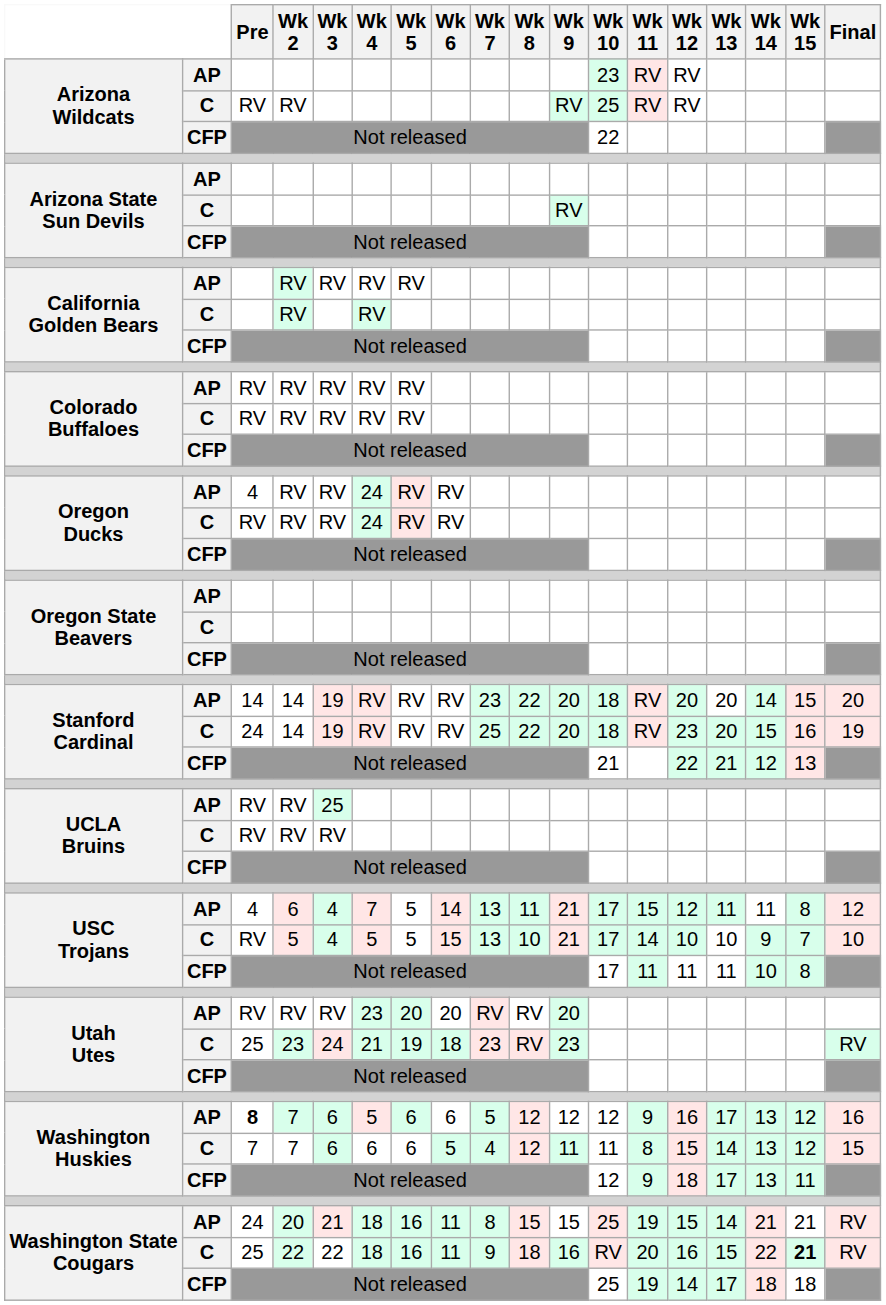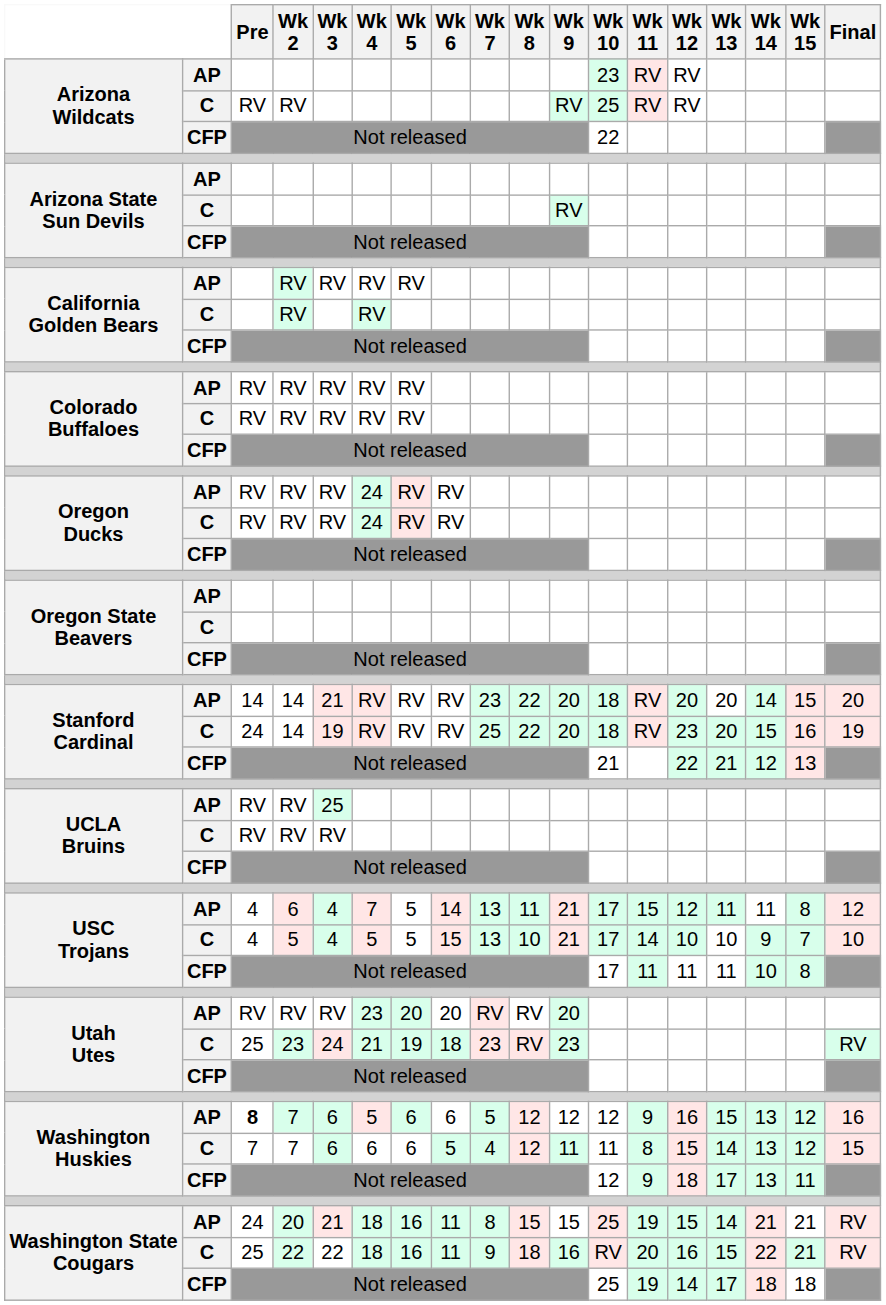 <table class="wikitable" style="white-space:nowrap;font-size:90%;">
 <tr>
 <th colspan=2 style="background:white; border-top-style:hidden; border-left-style:hidden;"> </th>
 <th>Pre</th>
 <th>Wk<br>2</th>
 <th>Wk<br>3</th>
 <th>Wk<br>4</th>
 <th>Wk<br>5</th>
 <th>Wk<br>6</th>
 <th>Wk<br>7</th>
 <th>Wk<br>8</th>
 <th>Wk<br>9</th>
 <th>Wk<br>10</th>
 <th>Wk<br>11</th>
 <th>Wk<br>12</th>
 <th>Wk<br>13</th>
 <th>Wk<br>14</th>
 <th>Wk<br>15</th>
 <th>Final</th>
 </tr>
 <tr style="text-align:center;">
 <th rowspan=3>Arizona<br>Wildcats</th>
 <th>AP</th>
 <td style="background:#FFF;"></td>
 <td style="background:#FFF;"></td>
 <td style="background:#FFF;"></td>
 <td style="background:#FFF;"></td>
 <td style="background:#FFF;"></td>
 <td style="background:#FFF;"></td>
 <td style="background:#FFF;"></td>
 <td style="background:#FFF;"></td>
 <td style="background:#FFF;"></td>
 <td style="background:#D8FFEB;">23</td>
 <td style="background:#FFE6E6;">RV</td>
 <td style="background:#FFF;">RV</td>
 <td style="background:#FFF;"></td>
 <td style="background:#FFF;"></td>
 <td style="background:#FFF;"></td>
 <td style="background:#FFF;"></td>
 </tr>
 <tr style="text-align:center;">
 <th>C</th>
 <td style="background:#FFF;">RV</td>
 <td style="background:#FFF;">RV</td>
 <td style="background:#FFF;"></td>
 <td style="background:#FFF;"></td>
 <td style="background:#FFF;"></td>
 <td style="background:#FFF;"></td>
 <td style="background:#FFF;"></td>
 <td style="background:#FFF;"></td>
 <td style="background:#D8FFEB;">RV</td>
 <td style="background:#D8FFEB;">25</td>
 <td style="background:#FFE6E6;">RV</td>
 <td style="background:#FFF;">RV</td>
 <td style="background:#FFF;"></td>
 <td style="background:#FFF;"></td>
 <td style="background:#FFF;"></td>
 <td style="background:#FFF;"></td>
 </tr>
 <tr style="text-align:center;">
 <th>CFP</th>
 <td colspan="9" style="background:#999;">Not released</td>
 <td style="background:#FFF;">22</td>
 <td style="background:#FFF;"></td>
 <td style="background:#FFF;"></td>
 <td style="background:#FFF;"></td>
 <td style="background:#FFF;"></td>
 <td style="background:#FFF;"></td>
 <td style="background:#999;"></td>
 </tr>
 <tr>
 <th colspan="19" style="background:lightgrey;"></th>
 </tr>
 <tr style="text-align:center;">
 <th rowspan=3>Arizona State<br>Sun Devils</th>
 <th>AP</th>
 <td style="background:#FFF;"></td>
 <td style="background:#FFF;"></td>
 <td style="background:#FFF;"></td>
 <td style="background:#FFF;"></td>
 <td style="background:#FFF;"></td>
 <td style="background:#FFF;"></td>
 <td style="background:#FFF;"></td>
 <td style="background:#FFF;"></td>
 <td style="background:#FFF;"></td>
 <td style="background:#FFF;"></td>
 <td style="background:#FFF;"></td>
 <td style="background:#FFF;"></td>
 <td style="background:#FFF;"></td>
 <td style="background:#FFF;"></td>
 <td style="background:#FFF;"></td>
 <td style="background:#FFF;"></td>
 </tr>
 <tr style="text-align:center;">
 <th>C</th>
 <td style="background:#FFF;"></td>
 <td style="background:#FFF;"></td>
 <td style="background:#FFF;"></td>
 <td style="background:#FFF;"></td>
 <td style="background:#FFF;"></td>
 <td style="background:#FFF;"></td>
 <td style="background:#FFF;"></td>
 <td style="background:#FFF;"></td>
 <td style="background:#D8FFEB;">RV</td>
 <td style="background:#FFF;"></td>
 <td style="background:#FFF;"></td>
 <td style="background:#FFF;"></td>
 <td style="background:#FFF;"></td>
 <td style="background:#FFF;"></td>
 <td style="background:#FFF;"></td>
 <td style="background:#FFF;"></td>
 </tr>
 <tr style="text-align:center;">
 <th>CFP</th>
 <td colspan="9" style="background:#999;">Not released</td>
 <td style="background:#FFF;"></td>
 <td style="background:#FFF;"></td>
 <td style="background:#FFF;"></td>
 <td style="background:#FFF;"></td>
 <td style="background:#FFF;"></td>
 <td style="background:#FFF;"></td>
 <td style="background:#999;"></td>
 </tr>
 <tr>
 <th colspan="19" style="background:lightgrey;"></th>
 </tr>
 <tr style="text-align:center;">
 <th rowspan=3>California<br>Golden Bears</th>
 <th>AP</th>
 <td style="background:#FFF;"></td>
 <td style="background:#D8FFEB;">RV</td>
 <td style="background:#FFF;">RV</td>
 <td style="background:#FFF;">RV</td>
 <td style="background:#FFF;">RV</td>
 <td style="background:#FFF;"></td>
 <td style="background:#FFF;"></td>
 <td style="background:#FFF;"></td>
 <td style="background:#FFF;"></td>
 <td style="background:#FFF;"></td>
 <td style="background:#FFF;"></td>
 <td style="background:#FFF;"></td>
 <td style="background:#FFF;"></td>
 <td style="background:#FFF;"></td>
 <td style="background:#FFF;"></td>
 <td style="background:#FFF;"></td>
 </tr>
 <tr style="text-align:center;">
 <th>C</th>
 <td style="background:#FFF;"></td>
 <td style="background:#D8FFEB;">RV</td>
 <td style="background:#FFF;"></td>
 <td style="background:#D8FFEB;">RV</td>
 <td style="background:#FFF;"></td>
 <td style="background:#FFF;"></td>
 <td style="background:#FFF;"></td>
 <td style="background:#FFF;"></td>
 <td style="background:#FFF;"></td>
 <td style="background:#FFF;"></td>
 <td style="background:#FFF;"></td>
 <td style="background:#FFF;"></td>
 <td style="background:#FFF;"></td>
 <td style="background:#FFF;"></td>
 <td style="background:#FFF;"></td>
 <td style="background:#FFF;"></td>
 </tr>
 <tr style="text-align:center;">
 <th>CFP</th>
 <td colspan="9" style="background:#999;">Not released</td>
 <td style="background:#FFF;"></td>
 <td style="background:#FFF;"></td>
 <td style="background:#FFF;"></td>
 <td style="background:#FFF;"></td>
 <td style="background:#FFF;"></td>
 <td style="background:#FFF;"></td>
 <td style="background:#999;"></td>
 </tr>
 <tr>
 <th colspan="19" style="background:lightgrey;"></th>
 </tr>
 <tr style="text-align:center;">
 <th rowspan=3>Colorado<br>Buffaloes</th>
 <th>AP</th>
 <td style="background:#FFF;">RV</td>
 <td style="background:#FFF;">RV</td>
 <td style="background:#FFF;">RV</td>
 <td style="background:#FFF;">RV</td>
 <td style="background:#FFF;">RV</td>
 <td style="background:#FFF;"></td>
 <td style="background:#FFF;"></td>
 <td style="background:#FFF;"></td>
 <td style="background:#FFF;"></td>
 <td style="background:#FFF;"></td>
 <td style="background:#FFF;"></td>
 <td style="background:#FFF;"></td>
 <td style="background:#FFF;"></td>
 <td style="background:#FFF;"></td>
 <td style="background:#FFF;"></td>
 <td style="background:#FFF;"></td>
 </tr>
 <tr style="text-align:center;">
 <th>C</th>
 <td style="background:#FFF;">RV</td>
 <td style="background:#FFF;">RV</td>
 <td style="background:#FFF;">RV</td>
 <td style="background:#FFF;">RV</td>
 <td style="background:#FFF;">RV</td>
 <td style="background:#FFF;"></td>
 <td style="background:#FFF;"></td>
 <td style="background:#FFF;"></td>
 <td style="background:#FFF;"></td>
 <td style="background:#FFF;"></td>
 <td style="background:#FFF;"></td>
 <td style="background:#FFF;"></td>
 <td style="background:#FFF;"></td>
 <td style="background:#FFF;"></td>
 <td style="background:#FFF;"></td>
 <td style="background:#FFF;"></td>
 </tr>
 <tr style="text-align:center;">
 <th>CFP</th>
 <td colspan="9" style="background:#999;">Not released</td>
 <td style="background:#FFF;"></td>
 <td style="background:#FFF;"></td>
 <td style="background:#FFF;"></td>
 <td style="background:#FFF;"></td>
 <td style="background:#FFF;"></td>
 <td style="background:#FFF;"></td>
 <td style="background:#999;"></td>
 </tr>
 <tr>
 <th colspan="19" style="background:lightgrey;"></th>
 </tr>
 <tr style="text-align:center;">
 <th rowspan=3>Oregon<br>Ducks</th>
 <th>AP</th>
-<td style="background:#FFF;">4</td>
+<td style="background:#FFF;">RV</td>
 <td style="background:#FFF;">RV</td>
 <td style="background:#FFF;">RV</td>
 <td style="background:#D8FFEB;">24</td>
 <td style="background:#FFE6E6;">RV</td>
 <td style="background:#FFF;">RV</td>
 <td style="background:#FFF;"></td>
 <td style="background:#FFF;"></td>
 <td style="background:#FFF;"></td>
 <td style="background:#FFF;"></td>
 <td style="background:#FFF;"></td>
 <td style="background:#FFF;"></td>
 <td style="background:#FFF;"></td>
 <td style="background:#FFF;"></td>
 <td style="background:#FFF;"></td>
 <td style="background:#FFF;"></td>
 </tr>
 <tr style="text-align:center;">
 <th>C</th>
 <td style="background:#FFF;">RV</td>
 <td style="background:#FFF;">RV</td>
 <td style="background:#FFF;">RV</td>
 <td style="background:#D8FFEB;">24</td>
 <td style="background:#FFE6E6;">RV</td>
 <td style="background:#FFF;">RV</td>
 <td style="background:#FFF;"></td>
 <td style="background:#FFF;"></td>
 <td style="background:#FFF;"></td>
 <td style="background:#FFF;"></td>
 <td style="background:#FFF;"></td>
 <td style="background:#FFF;"></td>
 <td style="background:#FFF;"></td>
 <td style="background:#FFF;"></td>
 <td style="background:#FFF;"></td>
 <td style="background:#FFF;"></td>
 </tr>
 <tr style="text-align:center;">
 <th>CFP</th>
 <td colspan="9" style="background:#999;">Not released</td>
 <td style="background:#FFF;"></td>
 <td style="background:#FFF;"></td>
 <td style="background:#FFF;"></td>
 <td style="background:#FFF;"></td>
 <td style="background:#FFF;"></td>
 <td style="background:#FFF;"></td>
 <td style="background:#999;"></td>
 </tr>
 <tr>
 <th colspan="19" style="background:lightgrey;"></th>
 </tr>
 <tr style="text-align:center;">
 <th rowspan=3>Oregon State<br>Beavers</th>
 <th>AP</th>
 <td style="background:#FFF;"></td>
 <td style="background:#FFF;"></td>
 <td style="background:#FFF;"></td>
 <td style="background:#FFF;"></td>
 <td style="background:#FFF;"></td>
 <td style="background:#FFF;"></td>
 <td style="background:#FFF;"></td>
 <td style="background:#FFF;"></td>
 <td style="background:#FFF;"></td>
 <td style="background:#FFF;"></td>
 <td style="background:#FFF;"></td>
 <td style="background:#FFF;"></td>
 <td style="background:#FFF;"></td>
 <td style="background:#FFF;"></td>
 <td style="background:#FFF;"></td>
 <td style="background:#FFF;"></td>
 </tr>
 <tr style="text-align:center;">
 <th>C</th>
 <td style="background:#FFF;"></td>
 <td style="background:#FFF;"></td>
 <td style="background:#FFF;"></td>
 <td style="background:#FFF;"></td>
 <td style="background:#FFF;"></td>
 <td style="background:#FFF;"></td>
 <td style="background:#FFF;"></td>
 <td style="background:#FFF;"></td>
 <td style="background:#FFF;"></td>
 <td style="background:#FFF;"></td>
 <td style="background:#FFF;"></td>
 <td style="background:#FFF;"></td>
 <td style="background:#FFF;"></td>
 <td style="background:#FFF;"></td>
 <td style="background:#FFF;"></td>
 <td style="background:#FFF;"></td>
 </tr>
 <tr style="text-align:center;">
 <th>CFP</th>
 <td colspan="9" style="background:#999;">Not released</td>
 <td style="background:#FFF;"></td>
 <td style="background:#FFF;"></td>
 <td style="background:#FFF;"></td>
 <td style="background:#FFF;"></td>
 <td style="background:#FFF;"></td>
 <td style="background:#FFF;"></td>
 <td style="background:#999;"></td>
 </tr>
 <tr>
 <th colspan="19" style="background:lightgrey;"></th>
 </tr>
 <tr style="text-align:center;">
 <th rowspan=3>Stanford<br>Cardinal</th>
 <th>AP</th>
 <td style="background:#FFF;">14</td>
 <td style="background:#FFF;">14</td>
-<td style="background:#FFE6E6;">19</td>
+<td style="background:#FFE6E6;">21</td>
 <td style="background:#FFE6E6;">RV</td>
 <td style="background:#FFF;">RV</td>
 <td style="background:#FFF;">RV</td>
 <td style="background:#D8FFEB;">23</td>
 <td style="background:#D8FFEB;">22</td>
 <td style="background:#D8FFEB;">20</td>
 <td style="background:#D8FFEB;">18</td>
 <td style="background:#FFE6E6;">RV</td>
 <td style="background:#D8FFEB;">20</td>
 <td style="background:#FFF;">20</td>
 <td style="background:#D8FFEB;">14</td>
 <td style="background:#FFE6E6;">15</td>
 <td style="background:#FFE6E6;">20</td>
 </tr>
 <tr style="text-align:center;">
 <th>C</th>
 <td style="background:#FFF;">24</td>
 <td style="background:#FFF;">14</td>
 <td style="background:#FFE6E6;">19</td>
 <td style="background:#FFE6E6;">RV</td>
 <td style="background:#FFF;">RV</td>
 <td style="background:#FFF;">RV</td>
 <td style="background:#D8FFEB;">25</td>
 <td style="background:#D8FFEB;">22</td>
 <td style="background:#D8FFEB;">20</td>
 <td style="background:#D8FFEB;">18</td>
 <td style="background:#FFE6E6;">RV</td>
 <td style="background:#D8FFEB;">23</td>
 <td style="background:#D8FFEB;">20</td>
 <td style="background:#D8FFEB;">15</td>
 <td style="background:#FFE6E6;">16</td>
 <td style="background:#FFE6E6;">19</td>
 </tr>
 <tr style="text-align:center;">
 <th>CFP</th>
 <td colspan="9" style="background:#999;">Not released</td>
 <td style="background:#FFF;">21</td>
 <td style="background:#FFF;"></td>
 <td style="background:#D8FFEB;">22</td>
 <td style="background:#D8FFEB;">21</td>
 <td style="background:#D8FFEB;">12</td>
 <td style="background:#FFE6E6;">13</td>
 <td style="background:#999;"></td>
 </tr>
 <tr>
 <th colspan="19" style="background:lightgrey;"></th>
 </tr>
 <tr style="text-align:center;">
 <th rowspan=3>UCLA<br>Bruins</th>
 <th>AP</th>
 <td style="background:#FFF;">RV</td>
 <td style="background:#FFF;">RV</td>
 <td style="background:#D8FFEB;">25</td>
 <td style="background:#FFF;"></td>
 <td style="background:#FFF;"></td>
 <td style="background:#FFF;"></td>
 <td style="background:#FFF;"></td>
 <td style="background:#FFF;"></td>
 <td style="background:#FFF;"></td>
 <td style="background:#FFF;"></td>
 <td style="background:#FFF;"></td>
 <td style="background:#FFF;"></td>
 <td style="background:#FFF;"></td>
 <td style="background:#FFF;"></td>
 <td style="background:#FFF;"></td>
 <td style="background:#FFF;"></td>
 </tr>
 <tr style="text-align:center;">
 <th>C</th>
 <td style="background:#FFF;">RV</td>
 <td style="background:#FFF;">RV</td>
 <td style="background:#FFF;">RV</td>
 <td style="background:#FFF;"></td>
 <td style="background:#FFF;"></td>
 <td style="background:#FFF;"></td>
 <td style="background:#FFF;"></td>
 <td style="background:#FFF;"></td>
 <td style="background:#FFF;"></td>
 <td style="background:#FFF;"></td>
 <td style="background:#FFF;"></td>
 <td style="background:#FFF;"></td>
 <td style="background:#FFF;"></td>
 <td style="background:#FFF;"></td>
 <td style="background:#FFF;"></td>
 <td style="background:#FFF;"></td>
 </tr>
 <tr style="text-align:center;">
 <th>CFP</th>
 <td colspan="9" style="background:#999;">Not released</td>
 <td style="background:#FFF;"></td>
 <td style="background:#FFF;"></td>
 <td style="background:#FFF;"></td>
 <td style="background:#FFF;"></td>
 <td style="background:#FFF;"></td>
 <td style="background:#FFF;"></td>
 <td style="background:#999;"></td>
 </tr>
 <tr>
 <th colspan="19" style="background:lightgrey;"></th>
 </tr>
 <tr style="text-align:center;">
 <th rowspan=3>USC<br>Trojans</th>
 <th>AP</th>
 <td style="background:#FFF;">4</td>
 <td style="background:#FFE6E6;">6</td>
 <td style="background:#D8FFEB;">4</td>
 <td style="background:#FFE6E6;">7</td>
 <td style="background:#FFF;">5</td>
 <td style="background:#FFE6E6;">14</td>
 <td style="background:#D8FFEB;">13</td>
 <td style="background:#D8FFEB;">11</td>
 <td style="background:#FFE6E6;">21</td>
 <td style="background:#D8FFEB;">17</td>
 <td style="background:#D8FFEB;">15</td>
 <td style="background:#D8FFEB;">12</td>
 <td style="background:#D8FFEB;">11</td>
 <td style="background:#FFF;">11</td>
 <td style="background:#D8FFEB;">8</td>
 <td style="background:#FFE6E6;">12</td>
 </tr>
 <tr style="text-align:center;">
 <th>C</th>
-<td style="background:#FFF;">RV</td>
+<td style="background:#FFF;">4</td>
 <td style="background:#FFE6E6;">5</td>
 <td style="background:#D8FFEB;">4</td>
 <td style="background:#FFE6E6;">5</td>
 <td style="background:#FFF;">5</td>
 <td style="background:#FFE6E6;">15</td>
 <td style="background:#D8FFEB;">13</td>
 <td style="background:#D8FFEB;">10</td>
 <td style="background:#FFE6E6;">21</td>
 <td style="background:#D8FFEB;">17</td>
 <td style="background:#D8FFEB;">14</td>
 <td style="background:#D8FFEB;">10</td>
 <td style="background:#FFF;">10</td>
 <td style="background:#D8FFEB;">9</td>
 <td style="background:#D8FFEB;">7</td>
 <td style="background:#FFE6E6;">10</td>
 </tr>
 <tr style="text-align:center;">
 <th>CFP</th>
 <td colspan="9" style="background:#999;">Not released</td>
 <td style="background:#FFF;">17</td>
 <td style="background:#D8FFEB;">11</td>
 <td style="background:#FFF;">11</td>
 <td style="background:#FFF;">11</td>
 <td style="background:#D8FFEB;">10</td>
 <td style="background:#D8FFEB;">8</td>
 <td style="background:#999;"></td>
 </tr>
 <tr>
 <th colspan="19" style="background:lightgrey;"></th>
 </tr>
 <tr style="text-align:center;">
 <th rowspan=3>Utah<br>Utes</th>
 <th>AP</th>
 <td style="background:#FFF;">RV</td>
 <td style="background:#FFF;">RV</td>
 <td style="background:#FFF;">RV</td>
 <td style="background:#D8FFEB;">23</td>
 <td style="background:#D8FFEB;">20</td>
 <td style="background:#FFF;">20</td>
 <td style="background:#FFE6E6;">RV</td>
 <td style="background:#FFF;">RV</td>
 <td style="background:#D8FFEB;">20</td>
 <td style="background:#FFF;"></td>
 <td style="background:#FFF;"></td>
 <td style="background:#FFF;"></td>
 <td style="background:#FFF;"></td>
 <td style="background:#FFF;"></td>
 <td style="background:#FFF;"></td>
 <td style="background:#FFF;"></td>
 </tr>
 <tr style="text-align:center;">
 <th>C</th>
 <td style="background:#FFF;">25</td>
 <td style="background:#D8FFEB;">23</td>
 <td style="background:#FFE6E6;">24</td>
 <td style="background:#D8FFEB;">21</td>
 <td style="background:#D8FFEB;">19</td>
 <td style="background:#D8FFEB;">18</td>
 <td style="background:#FFE6E6;">23</td>
 <td style="background:#FFE6E6;">RV</td>
 <td style="background:#D8FFEB;">23</td>
 <td style="background:#FFF;"></td>
 <td style="background:#FFF;"></td>
 <td style="background:#FFF;"></td>
 <td style="background:#FFF;"></td>
 <td style="background:#FFF;"></td>
 <td style="background:#FFF;"></td>
 <td style="background:#D8FFEB;">RV</td>
 </tr>
 <tr style="text-align:center;">
 <th>CFP</th>
 <td colspan="9" style="background:#999;">Not released</td>
 <td style="background:#FFF;"></td>
 <td style="background:#FFF;"></td>
 <td style="background:#FFF;"></td>
 <td style="background:#FFF;"></td>
 <td style="background:#FFF;"></td>
 <td style="background:#FFF;"></td>
 <td style="background:#999;"></td>
 </tr>
 <tr>
 <th colspan="19" style="background:lightgrey;"></th>
 </tr>
 <tr style="text-align:center;">
 <th rowspan=3>Washington<br>Huskies</th>
 <th>AP</th>
 <td style="background:#FFF;"><strong>8</strong></td>
 <td style="background:#D8FFEB;">7</td>
 <td style="background:#D8FFEB;">6</td>
 <td style="background:#FFE6E6;">5</td>
 <td style="background:#D8FFEB;">6</td>
 <td style="background:#FFF;">6</td>
 <td style="background:#D8FFEB;">5</td>
 <td style="background:#FFE6E6;">12</td>
 <td style="background:#FFF;">12</td>
 <td style="background:#FFF;">12</td>
 <td style="background:#D8FFEB;">9</td>
 <td style="background:#FFE6E6;">16</td>
-<td style="background:#D8FFEB;">17</td>
+<td style="background:#D8FFEB;">15</td>
 <td style="background:#D8FFEB;">13</td>
 <td style="background:#D8FFEB;">12</td>
 <td style="background:#FFE6E6;">16</td>
 </tr>
 <tr style="text-align:center;">
 <th>C</th>
 <td style="background:#FFF;">7</td>
 <td style="background:#FFF;">7</td>
 <td style="background:#D8FFEB;">6</td>
 <td style="background:#FFF;">6</td>
 <td style="background:#FFF;">6</td>
 <td style="background:#D8FFEB;">5</td>
 <td style="background:#D8FFEB;">4</td>
 <td style="background:#FFE6E6;">12</td>
 <td style="background:#D8FFEB;">11</td>
 <td style="background:#FFF;">11</td>
 <td style="background:#D8FFEB;">8</td>
 <td style="background:#FFE6E6;">15</td>
 <td style="background:#D8FFEB;">14</td>
 <td style="background:#D8FFEB;">13</td>
 <td style="background:#D8FFEB;">12</td>
 <td style="background:#FFE6E6;">15</td>
 </tr>
 <tr style="text-align:center;">
 <th>CFP</th>
 <td colspan="9" style="background:#999;">Not released</td>
 <td style="background:#FFF;">12</td>
 <td style="background:#D8FFEB;">9</td>
 <td style="background:#FFE6E6;">18</td>
 <td style="background:#D8FFEB;">17</td>
 <td style="background:#D8FFEB;">13</td>
 <td style="background:#D8FFEB;">11</td>
 <td style="background:#999;"></td>
 </tr>
 <tr>
 <th colspan="19" style="background:lightgrey;"></th>
 </tr>
 <tr style="text-align:center;">
 <th rowspan=3>Washington State<br>Cougars</th>
 <th>AP</th>
 <td style="background:#FFF;">24</td>
 <td style="background:#D8FFEB;">20</td>
 <td style="background:#FFE6E6;">21</td>
 <td style="background:#D8FFEB;">18</td>
 <td style="background:#D8FFEB;">16</td>
 <td style="background:#D8FFEB;">11</td>
 <td style="background:#D8FFEB;">8</td>
 <td style="background:#FFE6E6;">15</td>
 <td style="background:#FFF;">15</td>
 <td style="background:#FFE6E6;">25</td>
 <td style="background:#D8FFEB;">19</td>
 <td style="background:#D8FFEB;">15</td>
 <td style="background:#D8FFEB;">14</td>
 <td style="background:#FFE6E6;">21</td>
 <td style="background:#FFF;">21</td>
 <td style="background:#FFE6E6;">RV</td>
 </tr>
 <tr style="text-align:center;">
 <th>C</th>
 <td style="background:#FFF;">25</td>
 <td style="background:#D8FFEB;">22</td>
 <td style="background:#FFF;">22</td>
 <td style="background:#D8FFEB;">18</td>
 <td style="background:#D8FFEB;">16</td>
 <td style="background:#D8FFEB;">11</td>
 <td style="background:#D8FFEB;">9</td>
 <td style="background:#FFE6E6;">18</td>
 <td style="background:#D8FFEB;">16</td>
 <td style="background:#FFE6E6;">RV</td>
 <td style="background:#D8FFEB;">20</td>
 <td style="background:#D8FFEB;">16</td>
 <td style="background:#D8FFEB;">15</td>
 <td style="background:#FFE6E6;">22</td>
-<td style="background:#D8FFEB;"><strong>21</strong></td>
+<td style="background:#D8FFEB;">21</td>
 <td style="background:#FFE6E6;">RV</td>
 </tr>
 <tr style="text-align:center;">
 <th>CFP</th>
 <td colspan="9" style="background:#999;">Not released</td>
 <td style="background:#FFF;">25</td>
 <td style="background:#D8FFEB;">19</td>
 <td style="background:#D8FFEB;">14</td>
 <td style="background:#D8FFEB;">17</td>
 <td style="background:#FFE6E6;">18</td>
 <td style="background:#FFF;">18</td>
 <td style="background:#999;"></td>
 </tr>
 </table>
